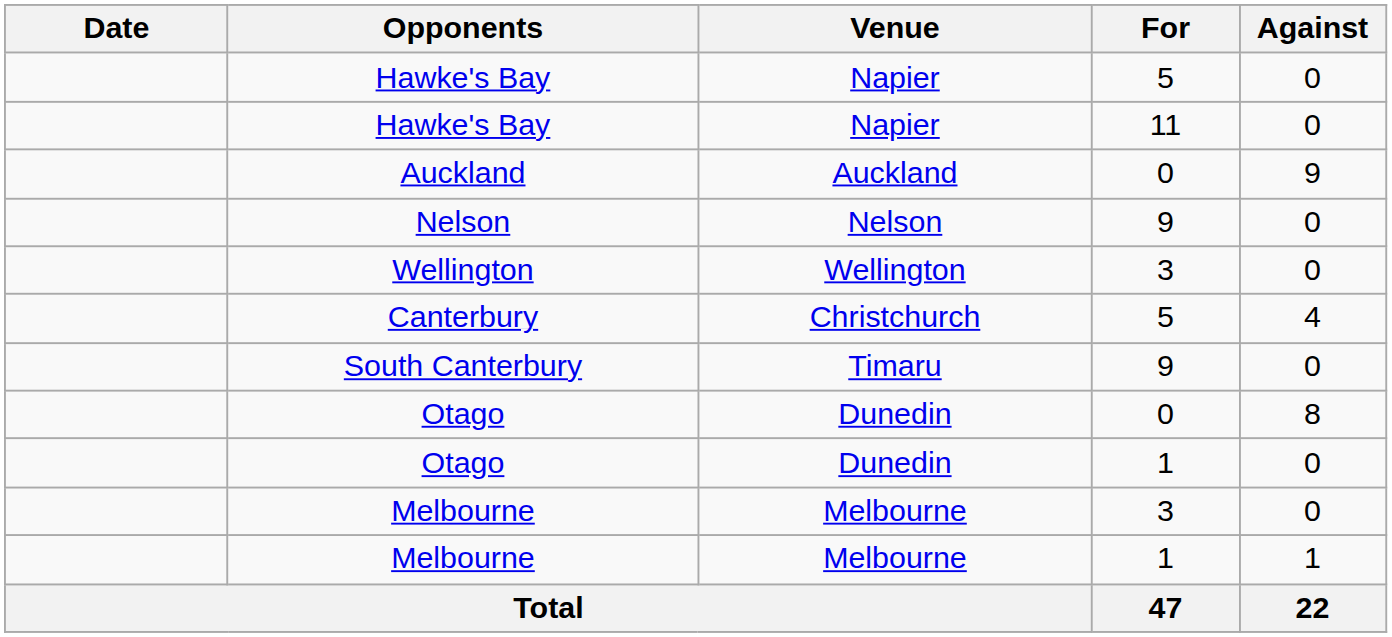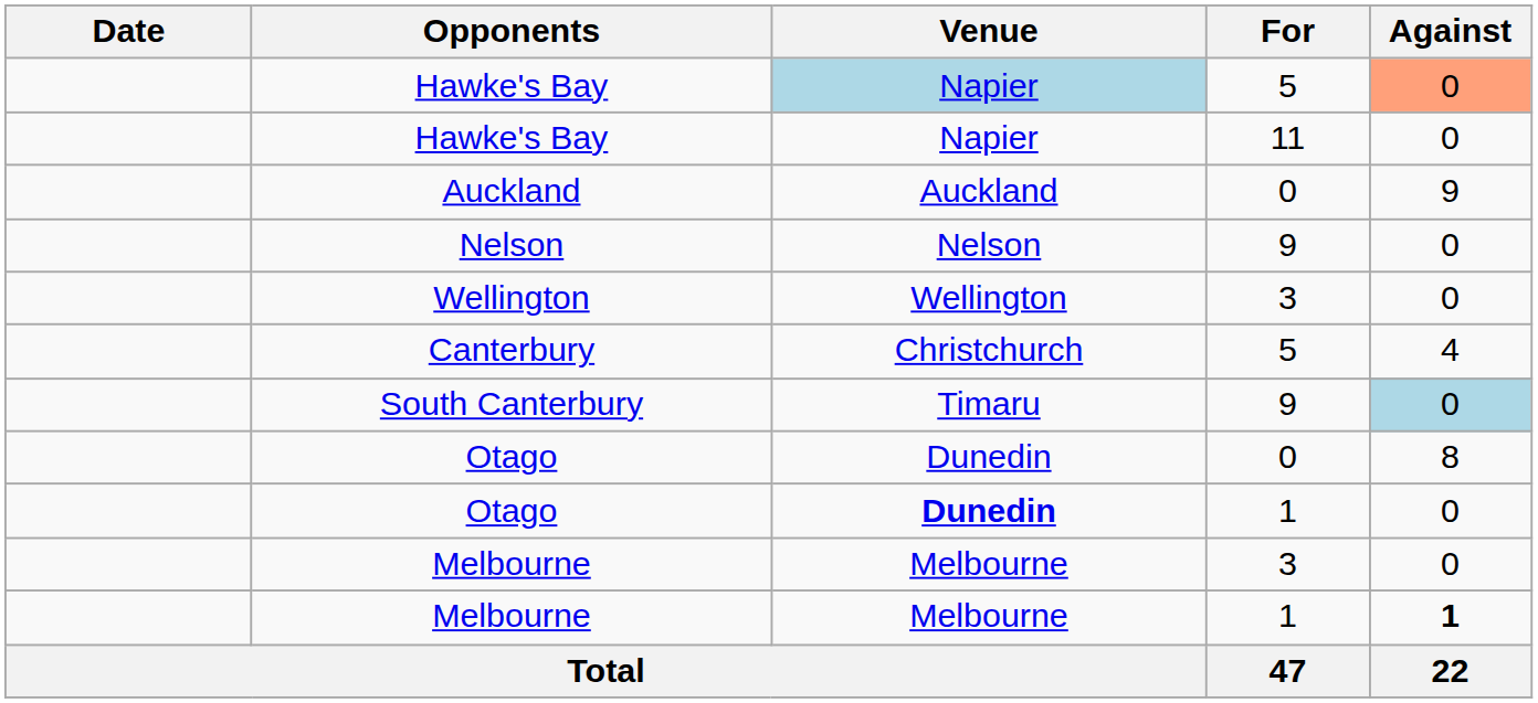 <table class="wikitable sortable" style="text-align:center">
 <tr>
 <th width="110">Date</th>
 <th width="240">Opponents</th>
 <th width="200">Venue</th>
 <th width="70">For</th>
 <th width="70">Against</th>
 </tr>
 <tr>
 <td></td>
 <td><a href='#'>Hawke's Bay</a></td>
-<td><a href='#'>Napier</a></td>
+<td style="background: lightblue;"><a href='#'>Napier</a></td>
 <td>5</td>
-<td>0</td>
+<td style="background: lightsalmon;">0</td>
 </tr>
 <tr>
 <td></td>
 <td><a href='#'>Hawke's Bay</a></td>
 <td><a href='#'>Napier</a></td>
 <td>11</td>
 <td>0</td>
 </tr>
 <tr>
 <td></td>
 <td><a href='#'>Auckland</a></td>
 <td><a href='#'>Auckland</a></td>
 <td>0</td>
 <td>9</td>
 </tr>
 <tr>
 <td></td>
 <td><a href='#'>Nelson</a></td>
 <td><a href='#'>Nelson</a></td>
 <td>9</td>
 <td>0</td>
 </tr>
 <tr>
 <td></td>
 <td><a href='#'>Wellington</a></td>
 <td><a href='#'>Wellington</a></td>
 <td>3</td>
 <td>0</td>
 </tr>
 <tr>
 <td></td>
 <td><a href='#'>Canterbury</a></td>
 <td><a href='#'>Christchurch</a></td>
 <td>5</td>
 <td>4</td>
 </tr>
 <tr>
 <td></td>
 <td><a href='#'>South Canterbury</a></td>
 <td><a href='#'>Timaru</a></td>
 <td>9</td>
-<td>0</td>
+<td style="background: lightblue;">0</td>
 </tr>
 <tr>
 <td></td>
 <td><a href='#'>Otago</a></td>
 <td><a href='#'>Dunedin</a></td>
 <td>0</td>
 <td>8</td>
 </tr>
 <tr>
 <td></td>
 <td><a href='#'>Otago</a></td>
-<td><a href='#'>Dunedin</a></td>
+<td><strong><a href='#'>Dunedin</a></strong></td>
 <td>1</td>
 <td>0</td>
 </tr>
 <tr>
 <td></td>
 <td><a href='#'>Melbourne</a></td>
 <td><a href='#'>Melbourne</a></td>
 <td>3</td>
 <td>0</td>
 </tr>
 <tr>
 <td></td>
 <td><a href='#'>Melbourne</a></td>
 <td><a href='#'>Melbourne</a></td>
 <td>1</td>
-<td>1</td>
+<td><strong>1</strong></td>
 </tr>
 <tr class="sortbottom">
 <th colspan=3>Total</th>
 <th>47</th>
 <th>22</th>
 </tr>
 </table>
